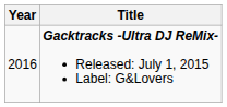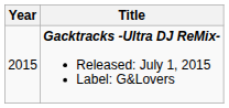 <table class="wikitable">
 <tr>
 <th>Year</th>
 <th>Title</th>
 </tr>
 <tr>
-<td>2016</td>
+<td>2015</td>
 <td><strong><em>Gacktracks -Ultra DJ ReMix-</em></strong><br><ul><li>Released: July 1, 2015</li><li>Label: G&Lovers</li></ul></td>
 </tr>
 </table>
